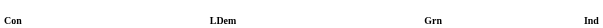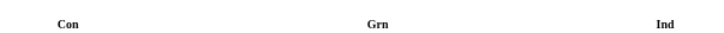 <table style="width:60%; text-align:center;">
 <tr style="color:white;">
 <td style="background:"><strong>29</strong></td>
-<td style="background:"><strong>13</strong></td>
 <td style="background:"><strong>3</strong></td>
 <td style="background:"><strong>3</strong></td>
 </tr>
 <tr>
 <td><span><strong>Con</strong></span></td>
-<td><span><strong>LDem</strong></span></td>
 <td><span><strong>Grn</strong></span></td>
 <td><span><strong>Ind</strong></span></td>
 </tr>
 </table>
